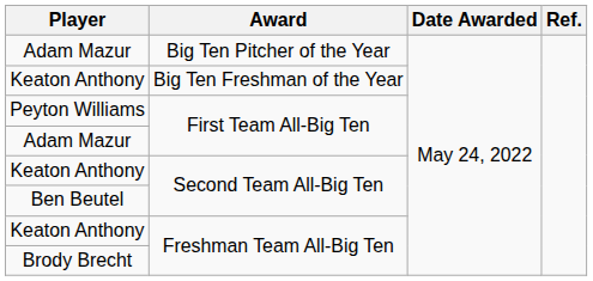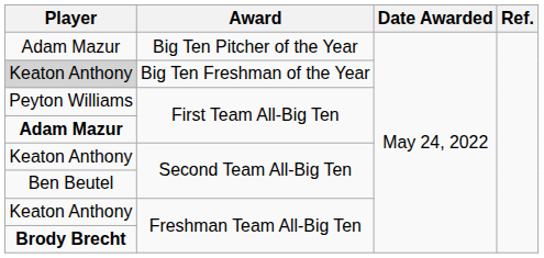 <table class="wikitable sortable sortable" style="text-align: center">
 <tr align=center>
 <th>Player</th>
 <th>Award</th>
 <th>Date Awarded</th>
 <th>Ref.</th>
 </tr>
 <tr>
 <td>Adam Mazur</td>
 <td rowspan="1">Big Ten Pitcher of the Year</td>
 <td rowspan="8">May 24, 2022</td>
 <td rowspan="8"></td>
 </tr>
 <tr>
-<td>Keaton Anthony</td>
+<td style="background: lightgrey;">Keaton Anthony</td>
 <td rowspan="1">Big Ten Freshman of the Year</td>
 </tr>
 <tr>
 <td>Peyton Williams</td>
 <td rowspan="2">First Team All-Big Ten</td>
 </tr>
 <tr>
-<td>Adam Mazur</td>
+<td><strong>Adam Mazur</strong></td>
 </tr>
 <tr>
 <td>Keaton Anthony</td>
 <td rowspan="2">Second Team All-Big Ten</td>
 </tr>
 <tr>
 <td>Ben Beutel</td>
 </tr>
 <tr>
 <td>Keaton Anthony</td>
 <td rowspan="2">Freshman Team All-Big Ten</td>
 </tr>
 <tr>
-<td>Brody Brecht</td>
+<td><strong>Brody Brecht</strong></td>
 </tr>
 </table>
